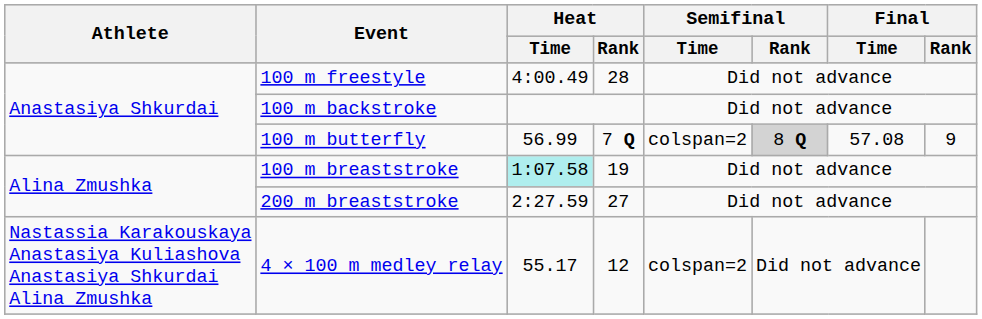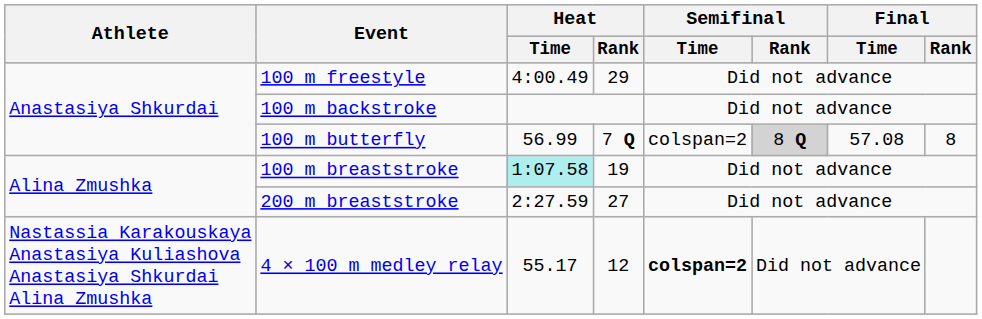 <table class=wikitable style="font-size:90%">
 <tr>
 <th rowspan="2">Athlete</th>
 <th rowspan="2">Event</th>
 <th colspan="2">Heat</th>
 <th colspan="2">Semifinal</th>
 <th colspan="2">Final</th>
 </tr>
 <tr style="font-size:95%">
 <th>Time</th>
 <th>Rank</th>
 <th>Time</th>
 <th>Rank</th>
 <th>Time</th>
 <th>Rank</th>
 </tr>
 <tr align=center>
 <td align=left rowspan=3><a href='#'>Anastasiya Shkurdai</a></td>
 <td align=left><a href='#'>100 m freestyle</a></td>
 <td>4:00.49</td>
-<td>28</td>
+<td>29</td>
 <td colspan="4">Did not advance</td>
 </tr>
 <tr align=center>
 <td align=left><a href='#'>100 m backstroke</a></td>
 <td colspan="2"></td>
 <td colspan="4">Did not advance</td>
 </tr>
 <tr align=center>
 <td align=left><a href='#'>100 m butterfly</a></td>
 <td>56.99</td>
 <td>7 <strong>Q</strong></td>
 <td>colspan=2 </td>
 <td style="background: lightgrey;">8 <strong>Q</strong></td>
 <td>57.08</td>
-<td>9</td>
+<td>8</td>
 </tr>
 <tr align=center>
 <td align=left rowspan=2><a href='#'>Alina Zmushka</a></td>
 <td align=left><a href='#'>100 m breaststroke</a></td>
 <td style="background: paleturquoise;">1:07.58</td>
 <td>19</td>
 <td colspan="4">Did not advance</td>
 </tr>
 <tr align=center>
 <td align=left><a href='#'>200 m breaststroke</a></td>
 <td>2:27.59</td>
 <td>27</td>
 <td colspan="4">Did not advance</td>
 </tr>
 <tr align=center>
 <td align=left><a href='#'>Nastassia Karakouskaya</a><br><a href='#'>Anastasiya Kuliashova</a><br><a href='#'>Anastasiya Shkurdai</a><br><a href='#'>Alina Zmushka</a></td>
 <td align=left><a href='#'>4 × 100 m medley relay</a></td>
 <td>55.17</td>
 <td>12</td>
-<td>colspan=2 </td>
+<td><strong>colspan=2 </strong></td>
 <td colspan="2">Did not advance</td>
 </tr>
 </table>
